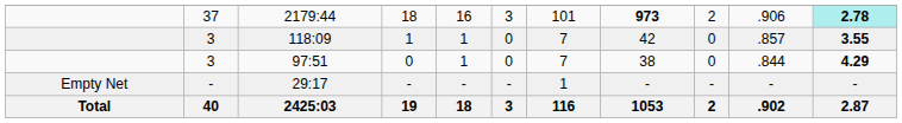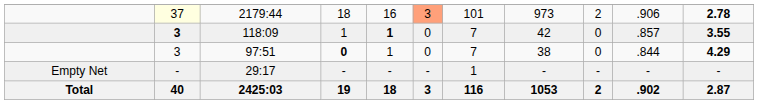 <table class="wikitable sortable" width ="1000">
 <tr align="center">
 </tr>
 <tr align="center">
 <td></td>
-<td>37</td>
+<td style="background: lightyellow;">37</td>
 <td>2179:44</td>
 <td>18</td>
 <td>16</td>
-<td>3</td>
+<td style="background: lightsalmon;">3</td>
 <td>101</td>
-<td><strong>973</strong></td>
+<td>973</td>
 <td>2</td>
 <td>.906</td>
-<td style="background: paleturquoise;"><strong>2.78</strong></td>
+<td><strong>2.78</strong></td>
 </tr>
 <tr align="center" bgcolor="f0f0f0">
 <td></td>
-<td>3</td>
+<td><strong>3</strong></td>
 <td>118:09</td>
 <td>1</td>
-<td>1</td>
+<td><strong>1</strong></td>
 <td>0</td>
 <td>7</td>
 <td>42</td>
 <td>0</td>
 <td>.857</td>
 <td><strong>3.55</strong></td>
 </tr>
 <tr align="center" bgcolor="">
 <td></td>
 <td>3</td>
 <td>97:51</td>
-<td>0</td>
+<td><strong>0</strong></td>
 <td>1</td>
 <td>0</td>
 <td>7</td>
 <td>38</td>
 <td>0</td>
 <td>.844</td>
 <td><strong>4.29</strong></td>
 </tr>
 <tr align="center" bgcolor="f0f0f0">
 <td>Empty Net</td>
 <td>-</td>
 <td>29:17</td>
 <td>-</td>
 <td>-</td>
 <td>-</td>
 <td>1</td>
 <td>-</td>
 <td>-</td>
 <td>-</td>
 <td>-</td>
 </tr>
 <tr>
 <th>Total</th>
 <th>40</th>
 <th>2425:03</th>
 <th>19</th>
 <th>18</th>
 <th>3</th>
 <th>116</th>
 <th>1053</th>
 <th>2</th>
 <th>.902</th>
 <th>2.87</th>
 </tr>
 </table>
